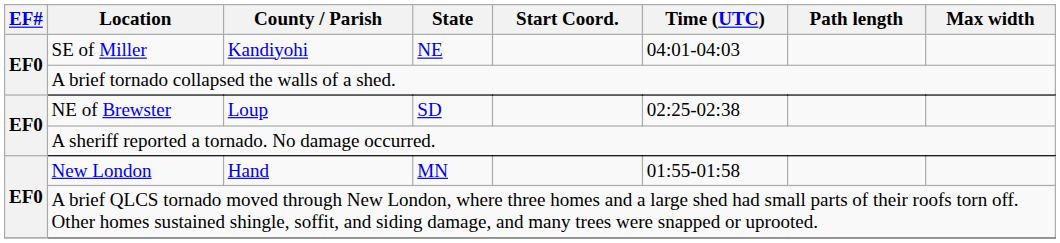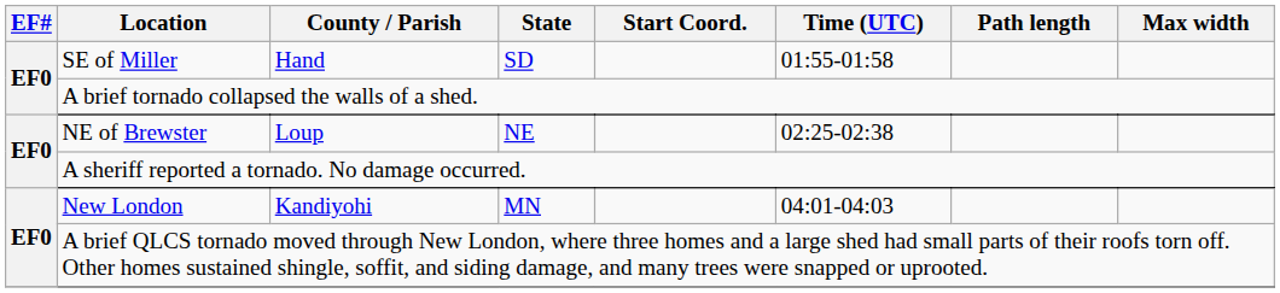 <table class="wikitable sortable" style="width:100%;">
 <tr>
 <th scope="col" width="2%" align="center"><a href='#'>EF#</a></th>
 <th scope="col" align="center" class="unsortable">Location</th>
 <th scope="col" align="center" class="unsortable">County / Parish</th>
 <th scope="col" align="center">State</th>
 <th scope="col" align="center">Start Coord.</th>
 <th scope="col" align="center">Time (<a href='#'>UTC</a>)</th>
 <th scope="col" align="center">Path length</th>
 <th scope="col" align="center">Max width</th>
 </tr>
 <tr>
 <th scope="row" rowspan="2" style="background-color:#">EF0</th>
 <td>SE of <a href='#'>Miller</a></td>
-<td><a href='#'>Kandiyohi</a></td>
-<td><a href='#'>NE</a></td>
+<td><a href='#'>Hand</a></td>
+<td><a href='#'>SD</a></td>
 <td></td>
-<td>04:01-04:03</td>
+<td>01:55-01:58</td>
 <td></td>
 <td></td>
 </tr>
 <tr class="expand-child">
 <td colspan="8" style=" border-bottom: 1px solid black;">A brief tornado collapsed the walls of a shed.</td>
 </tr>
 <tr>
 <th scope="row" rowspan="2" style="background-color:#">EF0</th>
 <td>NE of <a href='#'>Brewster</a></td>
 <td><a href='#'>Loup</a></td>
-<td><a href='#'>SD</a></td>
+<td><a href='#'>NE</a></td>
 <td></td>
 <td>02:25-02:38</td>
 <td></td>
 <td></td>
 </tr>
 <tr class="expand-child">
 <td colspan="8" style=" border-bottom: 1px solid black;">A sheriff reported a tornado. No damage occurred.</td>
 </tr>
 <tr>
 <th scope="row" rowspan="2" style="background-color:#">EF0</th>
 <td><a href='#'>New London</a></td>
-<td><a href='#'>Hand</a></td>
+<td><a href='#'>Kandiyohi</a></td>
 <td><a href='#'>MN</a></td>
 <td></td>
-<td>01:55-01:58</td>
+<td>04:01-04:03</td>
 <td></td>
 <td></td>
 </tr>
 <tr class="expand-child">
 <td colspan="8" style=" border-bottom: 1px solid black;">A brief QLCS tornado moved through New London, where three homes and a large shed had small parts of their roofs torn off. Other homes sustained shingle, soffit, and siding damage, and many trees were snapped or uprooted.</td>
 </tr>
 <tr>
 </tr>
 </table>
